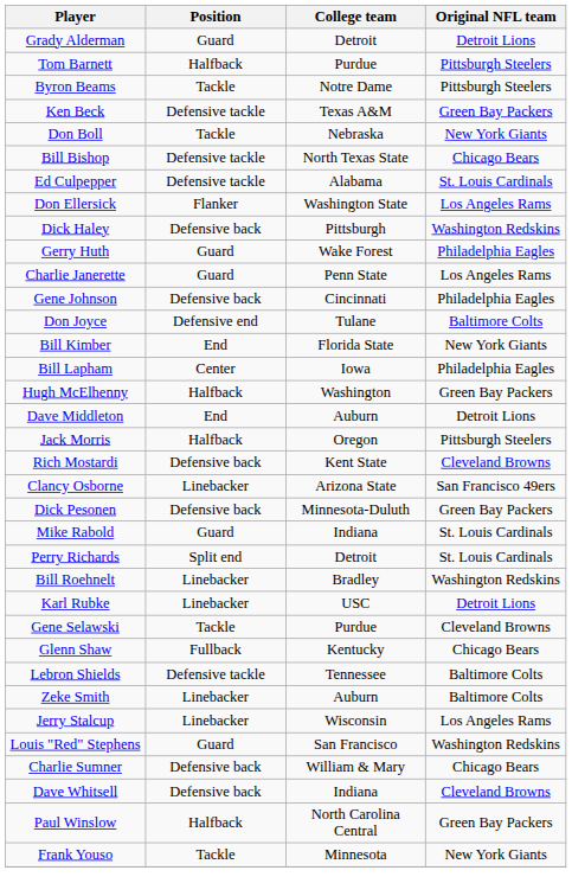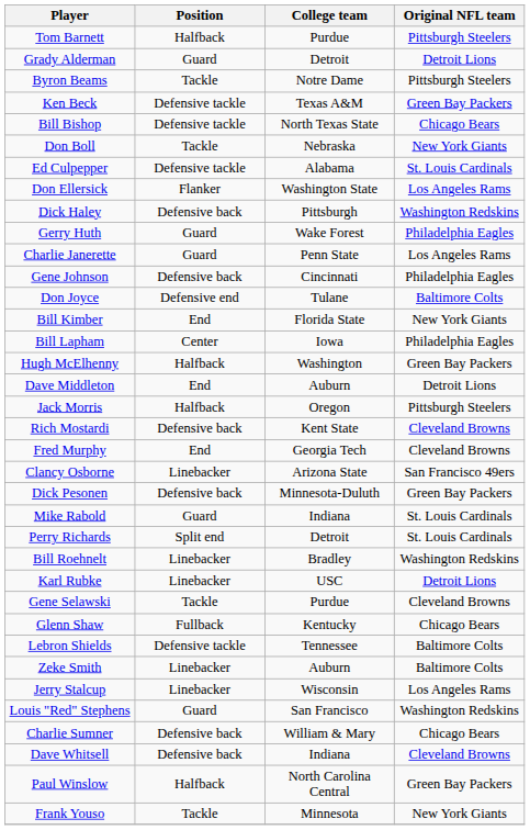 <table class="wikitable sortable sortable" style="text-align:center">
 <tr>
 <th width=25%>Player</th>
 <th width=25%>Position</th>
 <th width=25%>College team</th>
 <th width=25%>Original NFL team</th>
 </tr>
 <tr>
+<td><a href='#'>Tom Barnett</a></td>
+<td>Halfback</td>
+<td>Purdue</td>
+<td><a href='#'>Pittsburgh Steelers</a></td>
+</tr>
+<tr>
 <td><a href='#'>Grady Alderman</a></td>
 <td>Guard</td>
 <td>Detroit</td>
 <td><a href='#'>Detroit Lions</a></td>
-</tr>
-<tr>
-<td><a href='#'>Tom Barnett</a></td>
-<td>Halfback</td>
-<td>Purdue</td>
-<td><a href='#'>Pittsburgh Steelers</a></td>
 </tr>
 <tr>
 <td><a href='#'>Byron Beams</a></td>
 <td>Tackle</td>
 <td>Notre Dame</td>
 <td>Pittsburgh Steelers</td>
 </tr>
 <tr>
 <td><a href='#'>Ken Beck</a></td>
 <td>Defensive tackle</td>
 <td>Texas A&M</td>
 <td><a href='#'>Green Bay Packers</a></td>
 </tr>
 <tr>
+<td><a href='#'>Bill Bishop</a></td>
+<td>Defensive tackle</td>
+<td>North Texas State</td>
+<td><a href='#'>Chicago Bears</a></td>
+</tr>
+<tr>
 <td><a href='#'>Don Boll</a></td>
 <td>Tackle</td>
 <td>Nebraska</td>
 <td><a href='#'>New York Giants</a></td>
-</tr>
-<tr>
-<td><a href='#'>Bill Bishop</a></td>
-<td>Defensive tackle</td>
-<td>North Texas State</td>
-<td><a href='#'>Chicago Bears</a></td>
 </tr>
 <tr>
 <td><a href='#'>Ed Culpepper</a></td>
 <td>Defensive tackle</td>
 <td>Alabama</td>
 <td><a href='#'>St. Louis Cardinals</a></td>
 </tr>
 <tr>
 <td><a href='#'>Don Ellersick</a></td>
 <td>Flanker</td>
 <td>Washington State</td>
 <td><a href='#'>Los Angeles Rams</a></td>
 </tr>
 <tr>
 <td><a href='#'>Dick Haley</a></td>
 <td>Defensive back</td>
 <td>Pittsburgh</td>
 <td><a href='#'>Washington Redskins</a></td>
 </tr>
 <tr>
 <td><a href='#'>Gerry Huth</a></td>
 <td>Guard</td>
 <td>Wake Forest</td>
 <td><a href='#'>Philadelphia Eagles</a></td>
 </tr>
 <tr>
 <td><a href='#'>Charlie Janerette</a></td>
 <td>Guard</td>
 <td>Penn State</td>
 <td>Los Angeles Rams</td>
 </tr>
 <tr>
 <td><a href='#'>Gene Johnson</a></td>
 <td>Defensive back</td>
 <td>Cincinnati</td>
 <td>Philadelphia Eagles</td>
 </tr>
 <tr>
 <td><a href='#'>Don Joyce</a></td>
 <td>Defensive end</td>
 <td>Tulane</td>
 <td><a href='#'>Baltimore Colts</a></td>
 </tr>
 <tr>
 <td><a href='#'>Bill Kimber</a></td>
 <td>End</td>
 <td>Florida State</td>
 <td>New York Giants</td>
 </tr>
 <tr>
 <td><a href='#'>Bill Lapham</a></td>
 <td>Center</td>
 <td>Iowa</td>
 <td>Philadelphia Eagles</td>
 </tr>
 <tr>
 <td><a href='#'>Hugh McElhenny</a></td>
 <td>Halfback</td>
 <td>Washington</td>
 <td>Green Bay Packers</td>
 </tr>
 <tr>
 <td><a href='#'>Dave Middleton</a></td>
 <td>End</td>
 <td>Auburn</td>
 <td>Detroit Lions</td>
 </tr>
 <tr>
 <td><a href='#'>Jack Morris</a></td>
 <td>Halfback</td>
 <td>Oregon</td>
 <td>Pittsburgh Steelers</td>
 </tr>
 <tr>
 <td><a href='#'>Rich Mostardi</a></td>
 <td>Defensive back</td>
 <td>Kent State</td>
 <td><a href='#'>Cleveland Browns</a></td>
+</tr>
+<tr>
+<td><a href='#'>Fred Murphy</a></td>
+<td>End</td>
+<td>Georgia Tech</td>
+<td>Cleveland Browns</td>
 </tr>
 <tr>
 <td><a href='#'>Clancy Osborne</a></td>
 <td>Linebacker</td>
 <td>Arizona State</td>
 <td>San Francisco 49ers</td>
 </tr>
 <tr>
 <td><a href='#'>Dick Pesonen</a></td>
 <td>Defensive back</td>
 <td>Minnesota-Duluth</td>
 <td>Green Bay Packers</td>
 </tr>
 <tr>
 <td><a href='#'>Mike Rabold</a></td>
 <td>Guard</td>
 <td>Indiana</td>
 <td>St. Louis Cardinals</td>
 </tr>
 <tr>
 <td><a href='#'>Perry Richards</a></td>
 <td>Split end</td>
 <td>Detroit</td>
 <td>St. Louis Cardinals</td>
 </tr>
 <tr>
 <td><a href='#'>Bill Roehnelt</a></td>
 <td>Linebacker</td>
 <td>Bradley</td>
 <td>Washington Redskins</td>
 </tr>
 <tr>
 <td><a href='#'>Karl Rubke</a></td>
 <td>Linebacker</td>
 <td>USC</td>
 <td><a href='#'>Detroit Lions</a></td>
 </tr>
 <tr>
 <td><a href='#'>Gene Selawski</a></td>
 <td>Tackle</td>
 <td>Purdue</td>
 <td>Cleveland Browns</td>
 </tr>
 <tr>
 <td><a href='#'>Glenn Shaw</a></td>
 <td>Fullback</td>
 <td>Kentucky</td>
 <td>Chicago Bears</td>
 </tr>
 <tr>
 <td><a href='#'>Lebron Shields</a></td>
 <td>Defensive tackle</td>
 <td>Tennessee</td>
 <td>Baltimore Colts</td>
 </tr>
 <tr>
 <td><a href='#'>Zeke Smith</a></td>
 <td>Linebacker</td>
 <td>Auburn</td>
 <td>Baltimore Colts</td>
 </tr>
 <tr>
 <td><a href='#'>Jerry Stalcup</a></td>
 <td>Linebacker</td>
 <td>Wisconsin</td>
 <td>Los Angeles Rams</td>
 </tr>
 <tr>
 <td><a href='#'>Louis "Red" Stephens</a></td>
 <td>Guard</td>
 <td>San Francisco</td>
 <td>Washington Redskins</td>
 </tr>
 <tr>
 <td><a href='#'>Charlie Sumner</a></td>
 <td>Defensive back</td>
 <td>William & Mary</td>
 <td>Chicago Bears</td>
 </tr>
 <tr>
 <td><a href='#'>Dave Whitsell</a></td>
 <td>Defensive back</td>
 <td>Indiana</td>
 <td><a href='#'>Cleveland Browns</a></td>
 </tr>
 <tr>
 <td><a href='#'>Paul Winslow</a></td>
 <td>Halfback</td>
 <td>North Carolina Central</td>
 <td>Green Bay Packers</td>
 </tr>
 <tr>
 <td><a href='#'>Frank Youso</a></td>
 <td>Tackle</td>
 <td>Minnesota</td>
 <td>New York Giants</td>
 </tr>
 <tr>
 </tr>
 </table>
